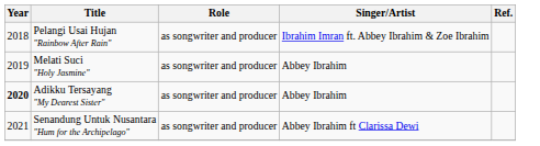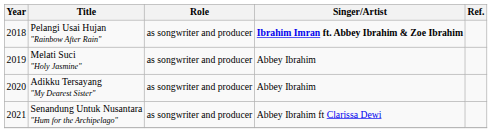 <table class="wikitable" style="font-size: 92%;">
 <tr>
 <th>Year</th>
 <th>Title</th>
 <th>Role</th>
 <th>Singer/Artist</th>
 <th>Ref.</th>
 </tr>
 <tr>
 <td>2018</td>
 <td>Pelangi Usai Hujan<br><small><em>"Rainbow After Rain"</em></small></td>
 <td>as songwriter and producer</td>
-<td><a href='#'>Ibrahim Imran</a> ft. Abbey Ibrahim & Zoe Ibrahim</td>
+<td><strong><a href='#'>Ibrahim Imran</a> ft. Abbey Ibrahim & Zoe Ibrahim</strong></td>
 <td></td>
 </tr>
 <tr>
 <td>2019</td>
 <td>Melati Suci<br><small><em>"Holy Jasmine"</em></small></td>
 <td>as songwriter and producer</td>
 <td>Abbey Ibrahim</td>
 <td></td>
 </tr>
 <tr>
-<td><strong>2020</strong></td>
+<td>2020</td>
 <td>Adikku Tersayang<br><small><em>"My Dearest Sister"</em></small></td>
 <td>as songwriter and producer</td>
 <td>Abbey Ibrahim</td>
 <td></td>
 </tr>
 <tr>
 <td>2021</td>
 <td>Senandung Untuk Nusantara<br><small><em>"Hum for the Archipelago"</em></small></td>
 <td>as songwriter and producer</td>
 <td>Abbey Ibrahim ft <a href='#'>Clarissa Dewi</a></td>
 <td></td>
 </tr>
 <tr>
 </tr>
 </table>
